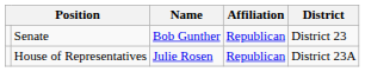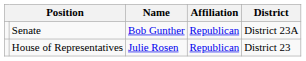 <table class="wikitable">
 <tr>
 <th colspan="2">Position</th>
 <th>Name</th>
 <th>Affiliation</th>
 <th>District</th>
 </tr>
 <tr>
 <td style="background-color:"></td>
 <td>Senate</td>
 <td><a href='#'>Bob Gunther</a></td>
 <td><a href='#'>Republican</a></td>
-<td>District 23</td>
+<td>District 23A</td>
 </tr>
 <tr>
 <td style="background-color:"></td>
 <td>House of Representatives</td>
 <td><a href='#'>Julie Rosen</a></td>
 <td><a href='#'>Republican</a></td>
-<td>District 23A</td>
+<td>District 23</td>
 </tr>
 </table>
